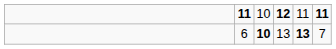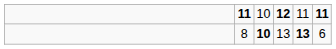 <table class="wikitable">
 <tr>
 <td style="width:18em"><strong> </strong></td>
 <td align=center style="width:1em"><strong>11</strong></td>
 <td align=center style="width:1em">10</td>
 <td align=center style="width:1em"><strong>12</strong></td>
 <td align=center style="width:1em">11</td>
 <td align=center style="width:1em"><strong>11</strong></td>
 </tr>
 <tr>
 <td style="width:18em"></td>
-<td align=center style="width:1em">6</td>
+<td align=center style="width:1em">8</td>
 <td align=center style="width:1em"><strong>10</strong></td>
 <td align=center style="width:1em">13</td>
 <td align=center style="width:1em"><strong>13</strong></td>
-<td align=center style="width:1em">7</td>
+<td align=center style="width:1em">6</td>
 </tr>
 </table>
